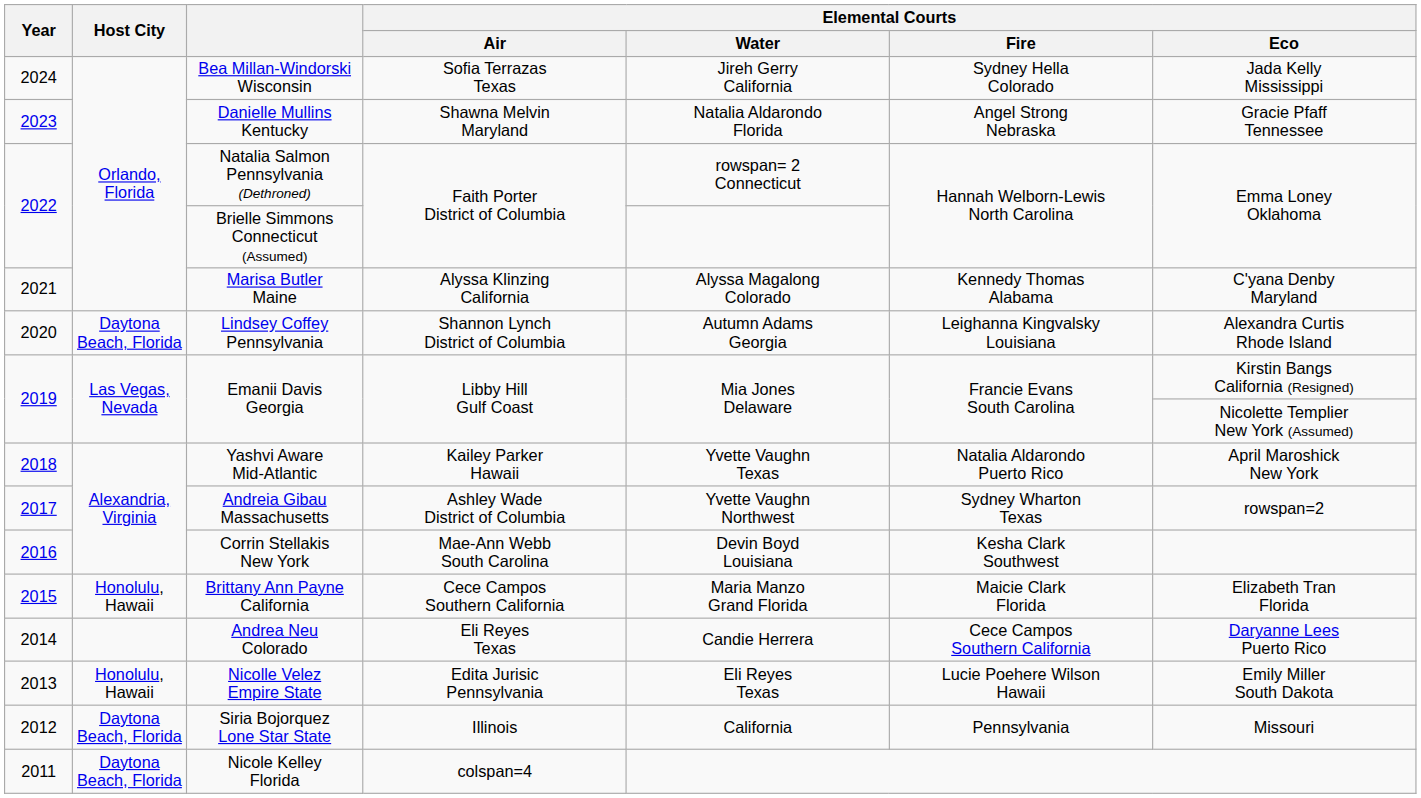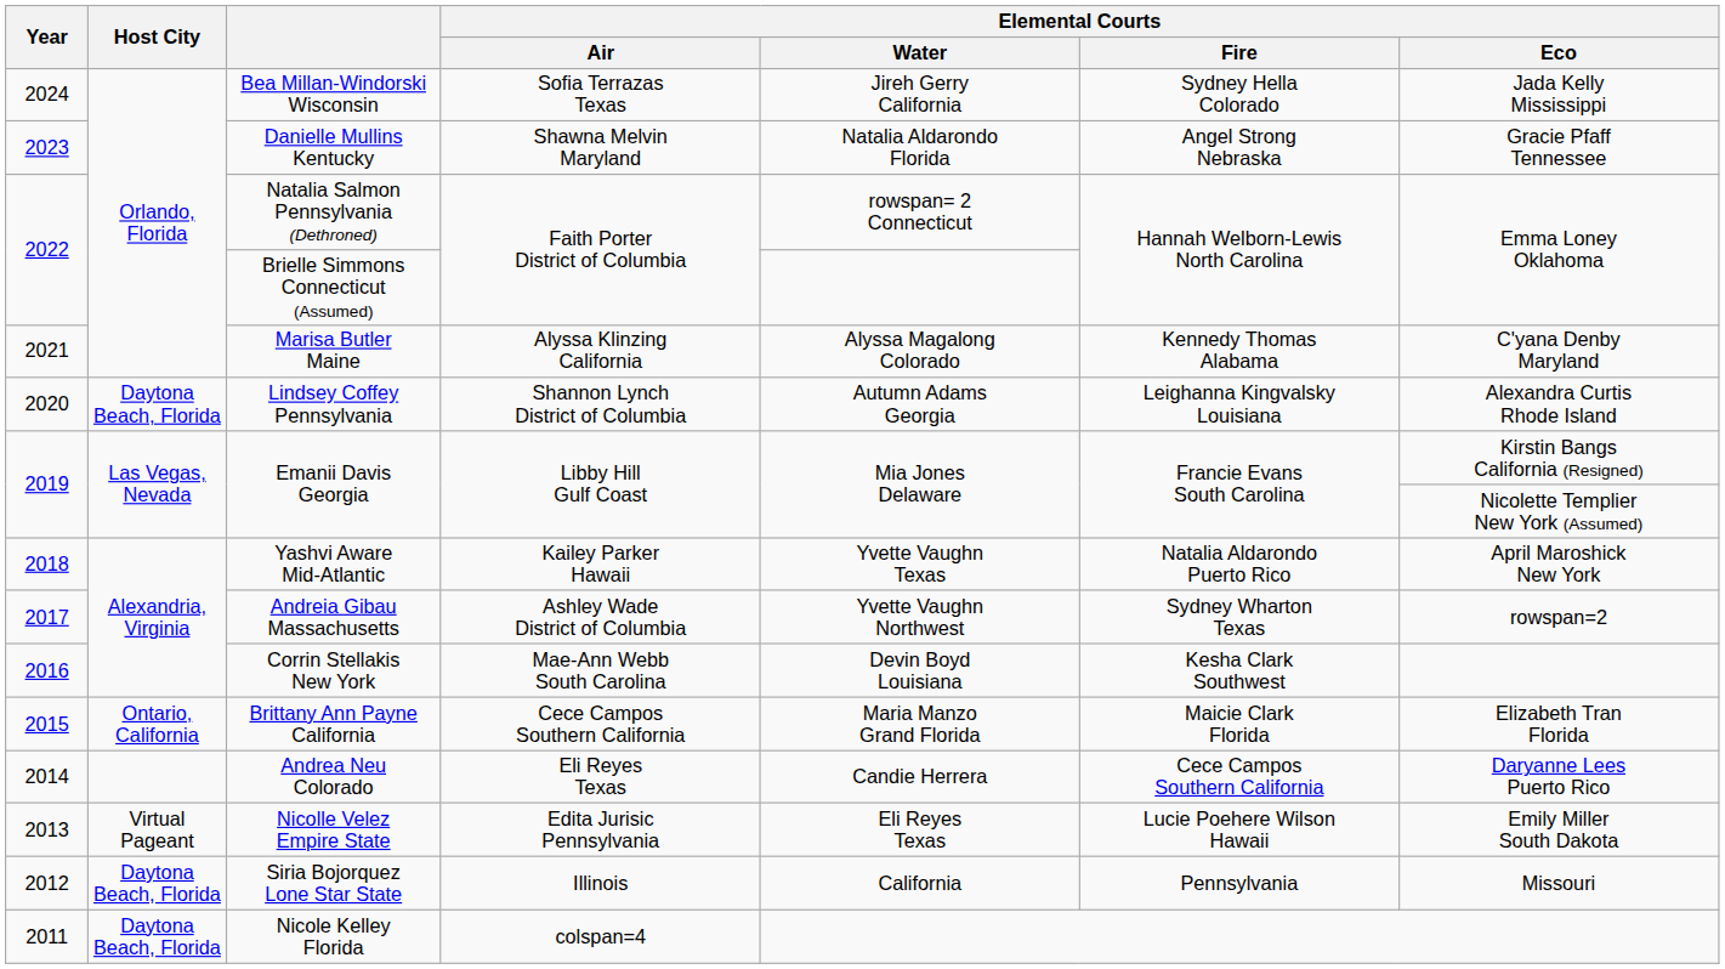 <table class="wikitable" style="font-size: 90%; text-align:center">
 <tr>
 <th style="width:02%;" scope="col" rowspan="2">Year</th>
 <th style="width:02%;" scope="col" rowspan="2">Host City</th>
 <th rowspan="2" style="width:05%;"></th>
 <th colspan="4">Elemental Courts</th>
 </tr>
 <tr>
 <th style="width:10%;">Air</th>
 <th style="width:10%;">Water</th>
 <th style="width:10%;">Fire</th>
 <th style="width:10%;">Eco</th>
 </tr>
 <tr>
 <td>2024</td>
 <td rowspan="5"><a href='#'>Orlando, Florida</a></td>
 <td><a href='#'>Bea Millan-Windorski</a><br>Wisconsin</td>
 <td>Sofia Terrazas<br>Texas</td>
 <td>Jireh Gerry<br>California</td>
 <td>Sydney Hella<br>Colorado</td>
 <td>Jada Kelly<br>Mississippi</td>
 </tr>
 <tr>
 <td><a href='#'>2023</a></td>
 <td><a href='#'>Danielle Mullins</a> <br>Kentucky</td>
 <td>Shawna Melvin<br>Maryland</td>
 <td>Natalia Aldarondo<br>Florida</td>
 <td>Angel Strong<br>Nebraska</td>
 <td>Gracie Pfaff<br>Tennessee</td>
 </tr>
 <tr>
 <td rowspan="2"><a href='#'>2022</a></td>
 <td>Natalia Salmon <br>Pennsylvania<em><small> (Dethroned) </small></em></td>
 <td rowspan="2">Faith Porter<br>District of Columbia</td>
 <td>rowspan= 2 <br>Connecticut<em></td>
 <td rowspan="2" align="center">Hannah Welborn-Lewis<br>North Carolina</td>
 <td rowspan="2" align="center">Emma Loney<br>Oklahoma</td>
 </tr>
 <tr>
 <td align="center">Brielle Simmons<br>Connecticut<br></em><small>(Assumed) </small><br><em></td>
 </tr>
 <tr>
 <td>2021</td>
 <td align="center"><a href='#'>Marisa Butler</a> <br>Maine</td>
 <td align="center">Alyssa Klinzing<br>California</td>
 <td align="center">Alyssa Magalong<br>Colorado</td>
 <td align="center">Kennedy Thomas<br>Alabama</td>
 <td align="center">C'yana Denby<br>Maryland</td>
 </tr>
 <tr>
 <td>2020</td>
 <td><a href='#'>Daytona Beach, Florida</a></td>
 <td align="center"><a href='#'>Lindsey Coffey</a> <br>Pennsylvania</td>
 <td align="center">Shannon Lynch<br>District of Columbia</td>
 <td align="center">Autumn Adams<br>Georgia</td>
 <td align="center">Leighanna Kingvalsky<br>Louisiana</td>
 <td align="center">Alexandra Curtis<br>Rhode Island</td>
 </tr>
 <tr>
 <td rowspan="2"><a href='#'>2019</a></td>
 <td rowspan="2" align="center"><a href='#'>Las Vegas, Nevada</a></td>
 <td rowspan="2" align="center">Emanii Davis<br>Georgia</td>
 <td rowspan="2" align="center">Libby Hill<br>Gulf Coast</td>
 <td rowspan="2" align="center">Mia Jones<br>Delaware</td>
 <td rowspan="2" align="center">Francie Evans<br>South Carolina</td>
 <td align="center">Kirstin Bangs<br>California</em> <small>(Resigned)</small><em></td>
 </tr>
 <tr>
 <td align="center"></em>Nicolette Templier<br>New York <small>(Assumed)</small><br><em></td>
 </tr>
 <tr>
 <td><a href='#'>2018</a></td>
 <td align="center" rowspan="3"><a href='#'>Alexandria, Virginia</a></td>
 <td align="center">Yashvi Aware <br>Mid-Atlantic</td>
 <td align="center">Kailey Parker<br>Hawaii</td>
 <td align="center">Yvette Vaughn<br>Texas</td>
 <td align="center">Natalia Aldarondo<br>Puerto Rico</td>
 <td align="center">April Maroshick<br>New York</td>
 </tr>
 <tr>
 <td><a href='#'>2017</a></td>
 <td align="center"><a href='#'>Andreia Gibau</a><br>Massachusetts</td>
 <td align="center">Ashley Wade<br>District of Columbia</td>
 <td align="center">Yvette Vaughn<br>Northwest</td>
 <td align="center">Sydney Wharton<br>Texas</td>
 <td>rowspan=2 </td>
 </tr>
 <tr>
 <td><a href='#'>2016</a></td>
 <td align="center">Corrin Stellakis<br>New York</td>
 <td align="center">Mae-Ann Webb<br>South Carolina</td>
 <td align="center">Devin Boyd<br>Louisiana</td>
 <td align="center">Kesha Clark<br>Southwest</td>
 </tr>
 <tr>
 <td><a href='#'>2015</a></td>
-<td align="center"><a href='#'>Honolulu</a>, Hawaii</td>
+<td align="center"><a href='#'>Ontario, California</a></td>
 <td align="center"><a href='#'>Brittany Ann Payne</a><br>California</td>
 <td align="center">Cece Campos<br>Southern California</td>
 <td align="center">Maria Manzo<br>Grand Florida</td>
 <td align="center">Maicie Clark<br>Florida</td>
 <td align="center">Elizabeth Tran<br>Florida</td>
 </tr>
 <tr>
 <td>2014</td>
 <td></td>
 <td align="center"><a href='#'>Andrea Neu</a><br>Colorado</td>
 <td align="center">Eli Reyes<br>Texas</td>
 <td align="center">Candie Herrera</td>
 <td align="center">Cece Campos<br><a href='#'>Southern California</a></td>
 <td align="center"><a href='#'>Daryanne Lees</a><br>Puerto Rico</td>
 </tr>
 <tr>
 <td>2013</td>
-<td align="center"><a href='#'>Honolulu</a>, Hawaii</td>
+<td align="center">Virtual Pageant</td>
 <td align="center"><a href='#'>Nicolle Velez</a><br><a href='#'>Empire State</a></td>
 <td align="center">Edita Jurisic<br>Pennsylvania</td>
 <td align="center">Eli Reyes<br>Texas</td>
 <td align="center">Lucie Poehere Wilson<br>Hawaii</td>
 <td align="center">Emily Miller<br>South Dakota</td>
 </tr>
 <tr>
 <td>2012</td>
 <td><a href='#'>Daytona Beach, Florida</a></td>
 <td align="center">Siria Bojorquez<br><a href='#'>Lone Star State</a></td>
 <td align="center">Illinois</td>
 <td align="center">California</td>
 <td align="center">Pennsylvania</td>
 <td align="center">Missouri</td>
 </tr>
 <tr>
 <td>2011</td>
 <td><a href='#'>Daytona Beach, Florida</a></td>
 <td align="center">Nicole Kelley<br>Florida</td>
 <td>colspan=4 </td>
 </tr>
 </table>
